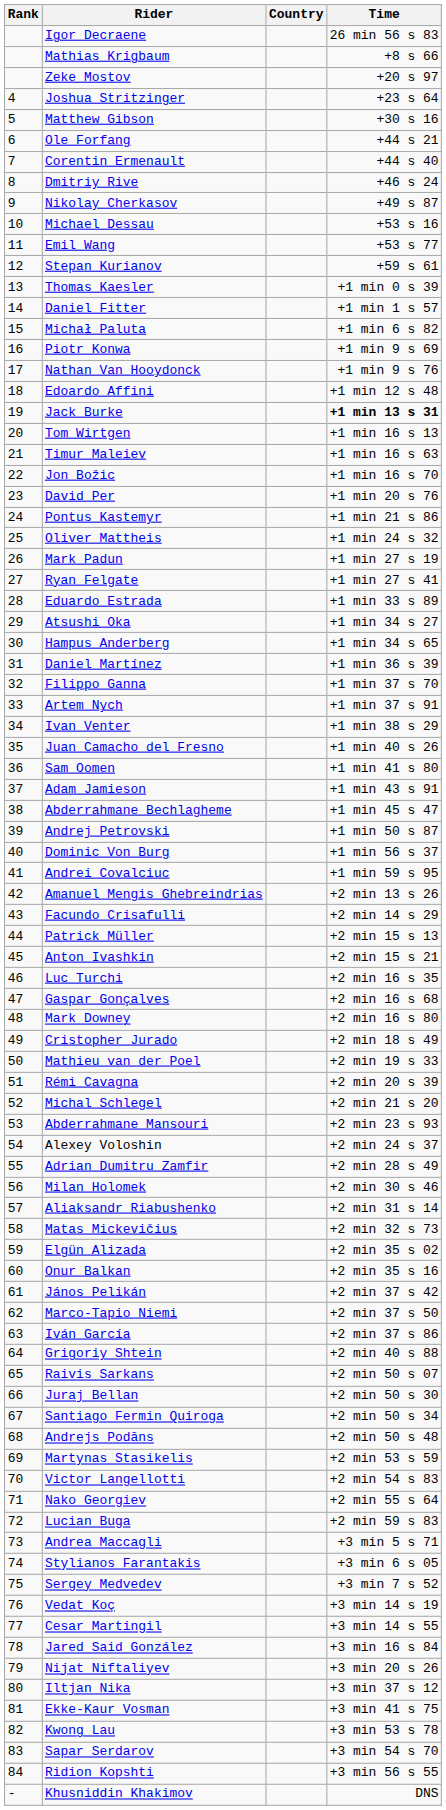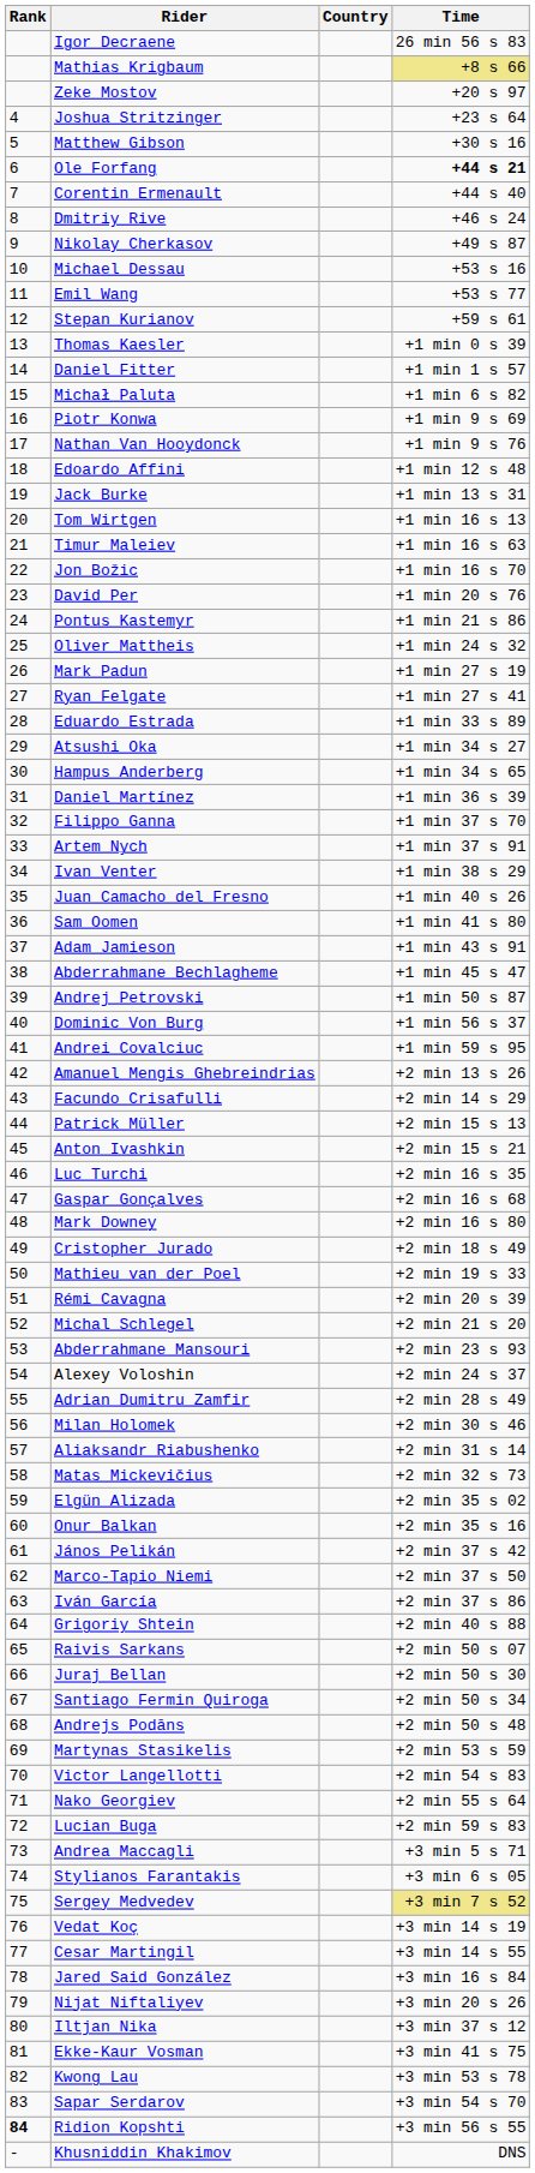 <table class="wikitable" style="font-size:95%; text-align:left;">
 <tr>
 <th>Rank</th>
 <th>Rider</th>
 <th>Country</th>
 <th>Time</th>
 </tr>
 <tr>
 <td></td>
 <td><a href='#'>Igor Decraene</a></td>
 <td></td>
 <td align=right>26 min 56 s 83</td>
 </tr>
 <tr>
 <td></td>
 <td><a href='#'>Mathias Krigbaum</a></td>
 <td></td>
-<td align=right>+8 s 66</td>
+<td align=right style="background: khaki;">+8 s 66</td>
 </tr>
 <tr>
 <td></td>
 <td><a href='#'>Zeke Mostov</a></td>
 <td></td>
 <td align=right>+20 s 97</td>
 </tr>
 <tr>
 <td>4</td>
 <td><a href='#'>Joshua Stritzinger</a></td>
 <td></td>
 <td align=right>+23 s 64</td>
 </tr>
 <tr>
 <td>5</td>
 <td><a href='#'>Matthew Gibson</a></td>
 <td></td>
 <td align=right>+30 s 16</td>
 </tr>
 <tr>
 <td>6</td>
 <td><a href='#'>Ole Forfang</a></td>
 <td></td>
-<td align=right>+44 s 21</td>
+<td align=right><strong>+44 s 21</strong></td>
 </tr>
 <tr>
 <td>7</td>
 <td><a href='#'>Corentin Ermenault</a></td>
 <td></td>
 <td align=right>+44 s 40</td>
 </tr>
 <tr>
 <td>8</td>
 <td><a href='#'>Dmitriy Rive</a></td>
 <td></td>
 <td align=right>+46 s 24</td>
 </tr>
 <tr>
 <td>9</td>
 <td><a href='#'>Nikolay Cherkasov</a></td>
 <td></td>
 <td align=right>+49 s 87</td>
 </tr>
 <tr>
 <td>10</td>
 <td><a href='#'>Michael Dessau</a></td>
 <td></td>
 <td align=right>+53 s 16</td>
 </tr>
 <tr>
 <td>11</td>
 <td><a href='#'>Emil Wang</a></td>
 <td></td>
 <td align=right>+53 s 77</td>
 </tr>
 <tr>
 <td>12</td>
 <td><a href='#'>Stepan Kurianov</a></td>
 <td></td>
 <td align=right>+59 s 61</td>
 </tr>
 <tr>
 <td>13</td>
 <td><a href='#'>Thomas Kaesler</a></td>
 <td></td>
 <td align=right>+1 min 0 s 39</td>
 </tr>
 <tr>
 <td>14</td>
 <td><a href='#'>Daniel Fitter</a></td>
 <td></td>
 <td align=right>+1 min 1 s 57</td>
 </tr>
 <tr>
 <td>15</td>
 <td><a href='#'>Michał Paluta</a></td>
 <td></td>
 <td align=right>+1 min 6 s 82</td>
 </tr>
 <tr>
 <td>16</td>
 <td><a href='#'>Piotr Konwa</a></td>
 <td></td>
 <td align=right>+1 min 9 s 69</td>
 </tr>
 <tr>
 <td>17</td>
 <td><a href='#'>Nathan Van Hooydonck</a></td>
 <td></td>
 <td align=right>+1 min 9 s 76</td>
 </tr>
 <tr>
 <td>18</td>
 <td><a href='#'>Edoardo Affini</a></td>
 <td></td>
 <td align=right>+1 min 12 s 48</td>
 </tr>
 <tr>
 <td>19</td>
 <td><a href='#'>Jack Burke</a></td>
 <td></td>
-<td align=right><strong>+1 min 13 s 31</strong></td>
+<td align=right>+1 min 13 s 31</td>
 </tr>
 <tr>
 <td>20</td>
 <td><a href='#'>Tom Wirtgen</a></td>
 <td></td>
 <td align=right>+1 min 16 s 13</td>
 </tr>
 <tr>
 <td>21</td>
 <td><a href='#'>Timur Maleiev</a></td>
 <td></td>
 <td align=right>+1 min 16 s 63</td>
 </tr>
 <tr>
 <td>22</td>
 <td><a href='#'>Jon Božic</a></td>
 <td></td>
 <td align=right>+1 min 16 s 70</td>
 </tr>
 <tr>
 <td>23</td>
 <td><a href='#'>David Per</a></td>
 <td></td>
 <td align=right>+1 min 20 s 76</td>
 </tr>
 <tr>
 <td>24</td>
 <td><a href='#'>Pontus Kastemyr</a></td>
 <td></td>
 <td align=right>+1 min 21 s 86</td>
 </tr>
 <tr>
 <td>25</td>
 <td><a href='#'>Oliver Mattheis</a></td>
 <td></td>
 <td align=right>+1 min 24 s 32</td>
 </tr>
 <tr>
 <td>26</td>
 <td><a href='#'>Mark Padun</a></td>
 <td></td>
 <td align=right>+1 min 27 s 19</td>
 </tr>
 <tr>
 <td>27</td>
 <td><a href='#'>Ryan Felgate</a></td>
 <td></td>
 <td align=right>+1 min 27 s 41</td>
 </tr>
 <tr>
 <td>28</td>
 <td><a href='#'>Eduardo Estrada</a></td>
 <td></td>
 <td align=right>+1 min 33 s 89</td>
 </tr>
 <tr>
 <td>29</td>
 <td><a href='#'>Atsushi Oka</a></td>
 <td></td>
 <td align=right>+1 min 34 s 27</td>
 </tr>
 <tr>
 <td>30</td>
 <td><a href='#'>Hampus Anderberg</a></td>
 <td></td>
 <td align=right>+1 min 34 s 65</td>
 </tr>
 <tr>
 <td>31</td>
 <td><a href='#'>Daniel Martínez</a></td>
 <td></td>
 <td align=right>+1 min 36 s 39</td>
 </tr>
 <tr>
 <td>32</td>
 <td><a href='#'>Filippo Ganna</a></td>
 <td></td>
 <td align=right>+1 min 37 s 70</td>
 </tr>
 <tr>
 <td>33</td>
 <td><a href='#'>Artem Nych</a></td>
 <td></td>
 <td align=right>+1 min 37 s 91</td>
 </tr>
 <tr>
 <td>34</td>
 <td><a href='#'>Ivan Venter</a></td>
 <td></td>
 <td align=right>+1 min 38 s 29</td>
 </tr>
 <tr>
 <td>35</td>
 <td><a href='#'>Juan Camacho del Fresno</a></td>
 <td></td>
 <td align=right>+1 min 40 s 26</td>
 </tr>
 <tr>
 <td>36</td>
 <td><a href='#'>Sam Oomen</a></td>
 <td></td>
 <td align=right>+1 min 41 s 80</td>
 </tr>
 <tr>
 <td>37</td>
 <td><a href='#'>Adam Jamieson</a></td>
 <td></td>
 <td align=right>+1 min 43 s 91</td>
 </tr>
 <tr>
 <td>38</td>
 <td><a href='#'>Abderrahmane Bechlagheme</a></td>
 <td></td>
 <td align=right>+1 min 45 s 47</td>
 </tr>
 <tr>
 <td>39</td>
 <td><a href='#'>Andrej Petrovski</a></td>
 <td></td>
 <td align=right>+1 min 50 s 87</td>
 </tr>
 <tr>
 <td>40</td>
 <td><a href='#'>Dominic Von Burg</a></td>
 <td></td>
 <td align=right>+1 min 56 s 37</td>
 </tr>
 <tr>
 <td>41</td>
 <td><a href='#'>Andrei Covalciuc</a></td>
 <td></td>
 <td align=right>+1 min 59 s 95</td>
 </tr>
 <tr>
 <td>42</td>
 <td><a href='#'>Amanuel Mengis Ghebreindrias</a></td>
 <td></td>
 <td align=right>+2 min 13 s 26</td>
 </tr>
 <tr>
 <td>43</td>
 <td><a href='#'>Facundo Crisafulli</a></td>
 <td></td>
 <td align=right>+2 min 14 s 29</td>
 </tr>
 <tr>
 <td>44</td>
 <td><a href='#'>Patrick Müller</a></td>
 <td></td>
 <td align=right>+2 min 15 s 13</td>
 </tr>
 <tr>
 <td>45</td>
 <td><a href='#'>Anton Ivashkin</a></td>
 <td></td>
 <td align=right>+2 min 15 s 21</td>
 </tr>
 <tr>
 <td>46</td>
 <td><a href='#'>Luc Turchi</a></td>
 <td></td>
 <td align=right>+2 min 16 s 35</td>
 </tr>
 <tr>
 <td>47</td>
 <td><a href='#'>Gaspar Gonçalves</a></td>
 <td></td>
 <td align=right>+2 min 16 s 68</td>
 </tr>
 <tr>
 <td>48</td>
 <td><a href='#'>Mark Downey</a></td>
 <td></td>
 <td align=right>+2 min 16 s 80</td>
 </tr>
 <tr>
 <td>49</td>
 <td><a href='#'>Cristopher Jurado</a></td>
 <td></td>
 <td align=right>+2 min 18 s 49</td>
 </tr>
 <tr>
 <td>50</td>
 <td><a href='#'>Mathieu van der Poel</a></td>
 <td></td>
 <td align=right>+2 min 19 s 33</td>
 </tr>
 <tr>
 <td>51</td>
 <td><a href='#'>Rémi Cavagna</a></td>
 <td></td>
 <td align=right>+2 min 20 s 39</td>
 </tr>
 <tr>
 <td>52</td>
 <td><a href='#'>Michal Schlegel</a></td>
 <td></td>
 <td align=right>+2 min 21 s 20</td>
 </tr>
 <tr>
 <td>53</td>
 <td><a href='#'>Abderrahmane Mansouri</a></td>
 <td></td>
 <td align=right>+2 min 23 s 93</td>
 </tr>
 <tr>
 <td>54</td>
 <td>Alexey Voloshin</td>
 <td></td>
 <td align=right>+2 min 24 s 37</td>
 </tr>
 <tr>
 <td>55</td>
 <td><a href='#'>Adrian Dumitru Zamfir</a></td>
 <td></td>
 <td align=right>+2 min 28 s 49</td>
 </tr>
 <tr>
 <td>56</td>
 <td><a href='#'>Milan Holomek</a></td>
 <td></td>
 <td align=right>+2 min 30 s 46</td>
 </tr>
 <tr>
 <td>57</td>
 <td><a href='#'>Aliaksandr Riabushenko</a></td>
 <td></td>
 <td align=right>+2 min 31 s 14</td>
 </tr>
 <tr>
 <td>58</td>
 <td><a href='#'>Matas Mickevičius</a></td>
 <td></td>
 <td align=right>+2 min 32 s 73</td>
 </tr>
 <tr>
 <td>59</td>
 <td><a href='#'>Elgün Alizada</a></td>
 <td></td>
 <td align=right>+2 min 35 s 02</td>
 </tr>
 <tr>
 <td>60</td>
 <td><a href='#'>Onur Balkan</a></td>
 <td></td>
 <td align=right>+2 min 35 s 16</td>
 </tr>
 <tr>
 <td>61</td>
 <td><a href='#'>János Pelikán</a></td>
 <td></td>
 <td align=right>+2 min 37 s 42</td>
 </tr>
 <tr>
 <td>62</td>
 <td><a href='#'>Marco-Tapio Niemi</a></td>
 <td></td>
 <td align=right>+2 min 37 s 50</td>
 </tr>
 <tr>
 <td>63</td>
 <td><a href='#'>Iván García</a></td>
 <td></td>
 <td align=right>+2 min 37 s 86</td>
 </tr>
 <tr>
 <td>64</td>
 <td><a href='#'>Grigoriy Shtein</a></td>
 <td></td>
 <td align=right>+2 min 40 s 88</td>
 </tr>
 <tr>
 <td>65</td>
 <td><a href='#'>Raivis Sarkans</a></td>
 <td></td>
 <td align=right>+2 min 50 s 07</td>
 </tr>
 <tr>
 <td>66</td>
 <td><a href='#'>Juraj Bellan</a></td>
 <td></td>
 <td align=right>+2 min 50 s 30</td>
 </tr>
 <tr>
 <td>67</td>
 <td><a href='#'>Santiago Fermin Quiroga</a></td>
 <td></td>
 <td align=right>+2 min 50 s 34</td>
 </tr>
 <tr>
 <td>68</td>
 <td><a href='#'>Andrejs Podāns</a></td>
 <td></td>
 <td align=right>+2 min 50 s 48</td>
 </tr>
 <tr>
 <td>69</td>
 <td><a href='#'>Martynas Stasikelis</a></td>
 <td></td>
 <td align=right>+2 min 53 s 59</td>
 </tr>
 <tr>
 <td>70</td>
 <td><a href='#'>Victor Langellotti</a></td>
 <td></td>
 <td align=right>+2 min 54 s 83</td>
 </tr>
 <tr>
 <td>71</td>
 <td><a href='#'>Nako Georgiev</a></td>
 <td></td>
 <td align=right>+2 min 55 s 64</td>
 </tr>
 <tr>
 <td>72</td>
 <td><a href='#'>Lucian Buga</a></td>
 <td></td>
 <td align=right>+2 min 59 s 83</td>
 </tr>
 <tr>
 <td>73</td>
 <td><a href='#'>Andrea Maccagli</a></td>
 <td></td>
 <td align=right>+3 min 5 s 71</td>
 </tr>
 <tr>
 <td>74</td>
 <td><a href='#'>Stylianos Farantakis</a></td>
 <td></td>
 <td align=right>+3 min 6 s 05</td>
 </tr>
 <tr>
 <td>75</td>
 <td><a href='#'>Sergey Medvedev</a></td>
 <td></td>
-<td align=right>+3 min 7 s 52</td>
+<td align=right style="background: khaki;">+3 min 7 s 52</td>
 </tr>
 <tr>
 <td>76</td>
 <td><a href='#'>Vedat Koç</a></td>
 <td></td>
 <td align=right>+3 min 14 s 19</td>
 </tr>
 <tr>
 <td>77</td>
 <td><a href='#'>Cesar Martingil</a></td>
 <td></td>
 <td align=right>+3 min 14 s 55</td>
 </tr>
 <tr>
 <td>78</td>
 <td><a href='#'>Jared Said González</a></td>
 <td></td>
 <td align=right>+3 min 16 s 84</td>
 </tr>
 <tr>
 <td>79</td>
 <td><a href='#'>Nijat Niftaliyev</a></td>
 <td></td>
 <td align=right>+3 min 20 s 26</td>
 </tr>
 <tr>
 <td>80</td>
 <td><a href='#'>Iltjan Nika</a></td>
 <td></td>
 <td align=right>+3 min 37 s 12</td>
 </tr>
 <tr>
 <td>81</td>
 <td><a href='#'>Ekke-Kaur Vosman</a></td>
 <td></td>
 <td align=right>+3 min 41 s 75</td>
 </tr>
 <tr>
 <td>82</td>
 <td><a href='#'>Kwong Lau</a></td>
 <td></td>
 <td align=right>+3 min 53 s 78</td>
 </tr>
 <tr>
 <td>83</td>
 <td><a href='#'>Sapar Serdarov</a></td>
 <td></td>
 <td align=right>+3 min 54 s 70</td>
 </tr>
 <tr>
-<td>84</td>
+<td><strong>84</strong></td>
 <td><a href='#'>Ridion Kopshti</a></td>
 <td></td>
 <td align=right>+3 min 56 s 55</td>
 </tr>
 <tr>
 <td>-</td>
 <td><a href='#'>Khusniddin Khakimov</a></td>
 <td></td>
 <td align=right>DNS</td>
 </tr>
 </table>
